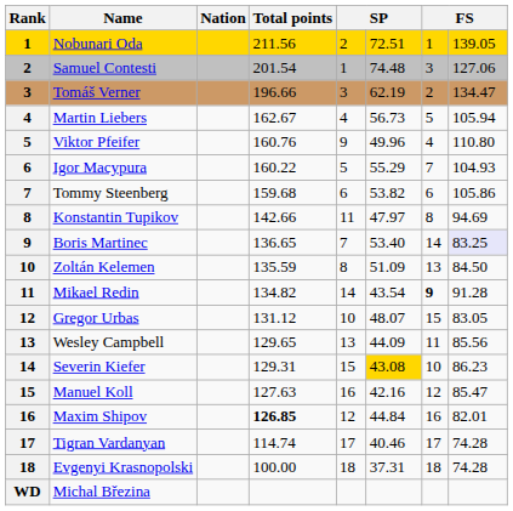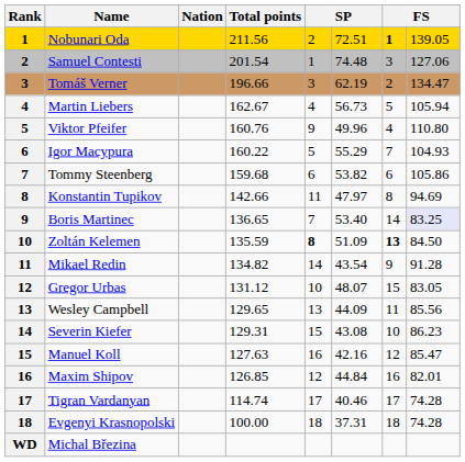 <table class="wikitable">
 <tr>
 <th>Rank</th>
 <th>Name</th>
 <th>Nation</th>
 <th>Total points</th>
 <th colspan="2" width="80px">SP</th>
 <th colspan="2" width="80px">FS</th>
 </tr>
 <tr bgcolor="gold">
 <td align="center"><strong>1</strong></td>
 <td><a href='#'>Nobunari Oda</a></td>
 <td></td>
 <td>211.56</td>
 <td>2</td>
 <td>72.51</td>
-<td>1</td>
+<td><strong>1</strong></td>
 <td>139.05</td>
 </tr>
 <tr bgcolor="silver">
 <td align="center"><strong>2</strong></td>
 <td><a href='#'>Samuel Contesti</a></td>
 <td></td>
 <td>201.54</td>
 <td>1</td>
 <td>74.48</td>
 <td>3</td>
 <td>127.06</td>
 </tr>
 <tr bgcolor="cc9966">
 <td align="center"><strong>3</strong></td>
 <td><a href='#'>Tomáš Verner</a></td>
 <td></td>
 <td>196.66</td>
 <td>3</td>
 <td>62.19</td>
 <td>2</td>
 <td>134.47</td>
 </tr>
 <tr>
 <th>4</th>
 <td><a href='#'>Martin Liebers</a></td>
 <td></td>
 <td>162.67</td>
 <td>4</td>
 <td>56.73</td>
 <td>5</td>
 <td>105.94</td>
 </tr>
 <tr>
 <th>5</th>
 <td><a href='#'>Viktor Pfeifer</a></td>
 <td></td>
 <td>160.76</td>
 <td>9</td>
 <td>49.96</td>
 <td>4</td>
 <td>110.80</td>
 </tr>
 <tr>
 <th>6</th>
 <td><a href='#'>Igor Macypura</a></td>
 <td></td>
 <td>160.22</td>
 <td>5</td>
 <td>55.29</td>
 <td>7</td>
 <td>104.93</td>
 </tr>
 <tr>
 <th>7</th>
 <td>Tommy Steenberg</td>
 <td></td>
 <td>159.68</td>
 <td>6</td>
 <td>53.82</td>
 <td>6</td>
 <td>105.86</td>
 </tr>
 <tr>
 <th>8</th>
 <td><a href='#'>Konstantin Tupikov</a></td>
 <td></td>
 <td>142.66</td>
 <td>11</td>
 <td>47.97</td>
 <td>8</td>
 <td>94.69</td>
 </tr>
 <tr>
 <th>9</th>
 <td><a href='#'>Boris Martinec</a></td>
 <td></td>
 <td>136.65</td>
 <td>7</td>
 <td>53.40</td>
 <td>14</td>
 <td style="background: lavender;">83.25</td>
 </tr>
 <tr>
 <th>10</th>
 <td><a href='#'>Zoltán Kelemen</a></td>
 <td></td>
 <td>135.59</td>
-<td>8</td>
+<td><strong>8</strong></td>
 <td>51.09</td>
-<td>13</td>
+<td><strong>13</strong></td>
 <td>84.50</td>
 </tr>
 <tr>
 <th>11</th>
 <td><a href='#'>Mikael Redin</a></td>
 <td></td>
 <td>134.82</td>
 <td>14</td>
 <td>43.54</td>
-<td><strong>9</strong></td>
+<td>9</td>
 <td>91.28</td>
 </tr>
 <tr>
 <th>12</th>
 <td><a href='#'>Gregor Urbas</a></td>
 <td></td>
 <td>131.12</td>
 <td>10</td>
 <td>48.07</td>
 <td>15</td>
 <td>83.05</td>
 </tr>
 <tr>
 <th>13</th>
 <td>Wesley Campbell</td>
 <td></td>
 <td>129.65</td>
 <td>13</td>
 <td>44.09</td>
 <td>11</td>
 <td>85.56</td>
 </tr>
 <tr>
 <th>14</th>
 <td><a href='#'>Severin Kiefer</a></td>
 <td></td>
 <td>129.31</td>
 <td>15</td>
-<td style="background: gold;">43.08</td>
+<td>43.08</td>
 <td>10</td>
 <td>86.23</td>
 </tr>
 <tr>
 <th>15</th>
 <td><a href='#'>Manuel Koll</a></td>
 <td></td>
 <td>127.63</td>
 <td>16</td>
 <td>42.16</td>
 <td>12</td>
 <td>85.47</td>
 </tr>
 <tr>
 <th>16</th>
 <td><a href='#'>Maxim Shipov</a></td>
 <td></td>
-<td><strong>126.85</strong></td>
+<td>126.85</td>
 <td>12</td>
 <td>44.84</td>
 <td>16</td>
 <td>82.01</td>
 </tr>
 <tr>
 <th>17</th>
 <td><a href='#'>Tigran Vardanyan</a></td>
 <td></td>
 <td>114.74</td>
 <td>17</td>
 <td>40.46</td>
 <td>17</td>
 <td>74.28</td>
 </tr>
 <tr>
 <th>18</th>
 <td><a href='#'>Evgenyi Krasnopolski</a></td>
 <td></td>
 <td>100.00</td>
 <td>18</td>
 <td>37.31</td>
 <td>18</td>
 <td>74.28</td>
 </tr>
 <tr>
 <th>WD</th>
 <td><a href='#'>Michal Březina</a></td>
 <td></td>
 <td></td>
 <td></td>
 <td></td>
 <td></td>
 <td></td>
 </tr>
 </table>
